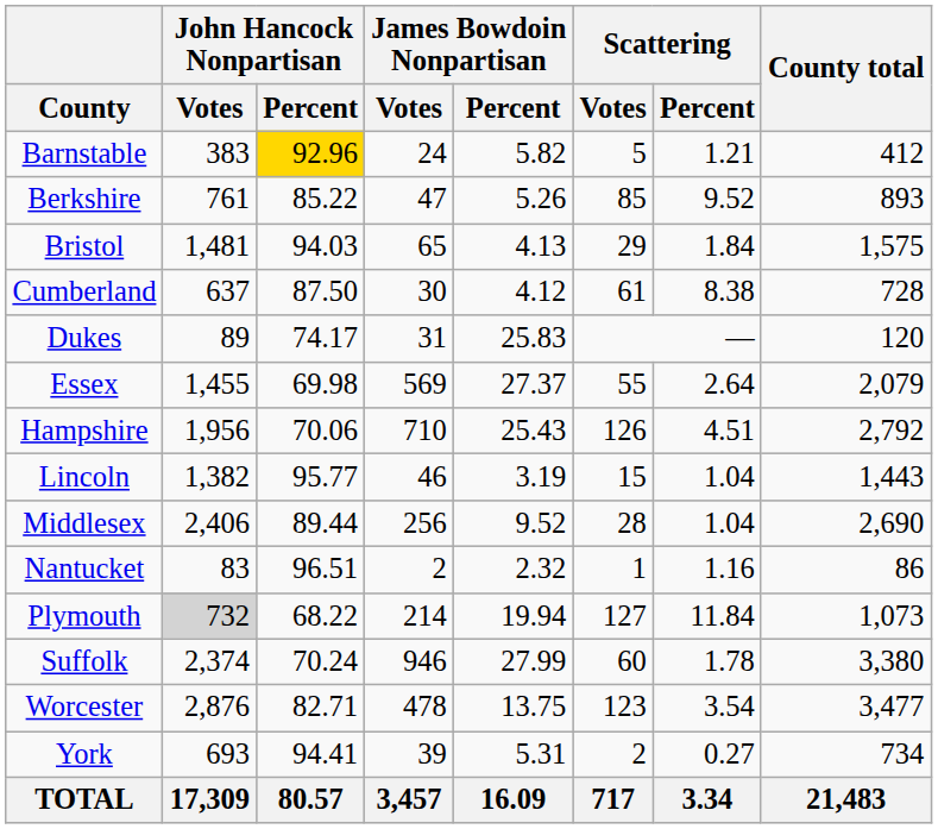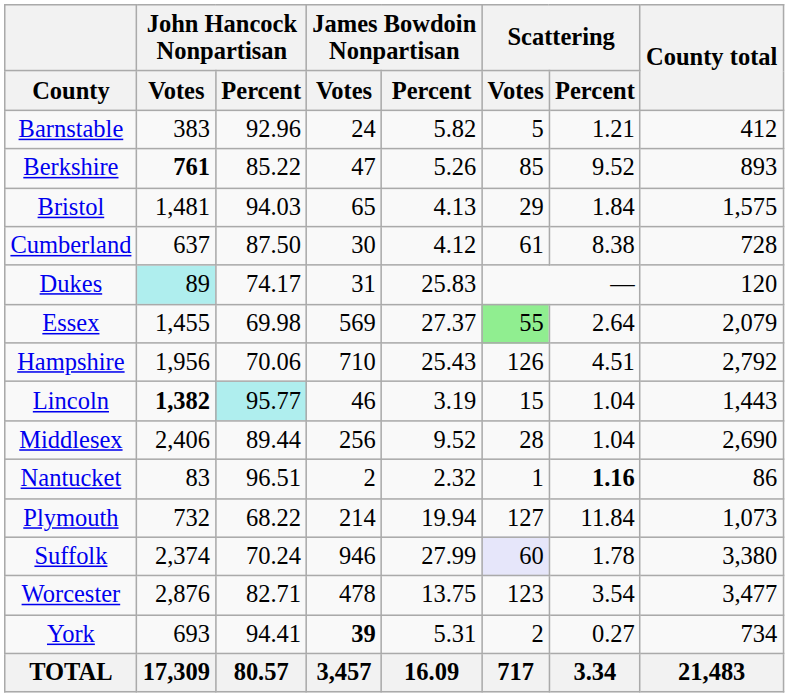 <table class="wikitable sortable" style="text-align:right">
 <tr>
 <th></th>
 <th align=center colspan=2>John Hancock<br>Nonpartisan</th>
 <th align=center colspan=2>James Bowdoin<br>Nonpartisan</th>
 <th align=center colspan=2>Scattering</th>
 <th align=center rowspan=2>County total</th>
 </tr>
 <tr>
 <th align=center>County</th>
 <th align=center>Votes</th>
 <th align=center>Percent</th>
 <th align=center>Votes</th>
 <th align=center>Percent</th>
 <th align=center>Votes</th>
 <th align=center>Percent</th>
 </tr>
 <tr>
 <td align=center><a href='#'>Barnstable</a></td>
 <td align=right>383</td>
-<td align=right style="background: gold;">92.96</td>
+<td align=right>92.96</td>
 <td align=right>24</td>
 <td align=right>5.82</td>
 <td align=right>5</td>
 <td align=right>1.21</td>
 <td align=right>412</td>
 </tr>
 <tr>
 <td align=center><a href='#'>Berkshire</a></td>
-<td align=right>761</td>
+<td align=right><strong>761</strong></td>
 <td align=right>85.22</td>
 <td align=right>47</td>
 <td align=right>5.26</td>
 <td align=right>85</td>
 <td align=right>9.52</td>
 <td align=right>893</td>
 </tr>
 <tr>
 <td align=center><a href='#'>Bristol</a></td>
 <td align=right>1,481</td>
 <td align=right>94.03</td>
 <td align=right>65</td>
 <td align=right>4.13</td>
 <td align=right>29</td>
 <td align=right>1.84</td>
 <td align=right>1,575</td>
 </tr>
 <tr>
 <td align=center><a href='#'>Cumberland</a></td>
 <td align=right>637</td>
 <td align=right>87.50</td>
 <td align=right>30</td>
 <td align=right>4.12</td>
 <td align=right>61</td>
 <td align=right>8.38</td>
 <td align=right>728</td>
 </tr>
 <tr>
 <td align=center><a href='#'>Dukes</a></td>
-<td align=right>89</td>
+<td align=right style="background: paleturquoise;">89</td>
 <td align=right>74.17</td>
 <td align=right>31</td>
 <td align=right>25.83</td>
 <td align=right colspan=2>—</td>
 <td align=right>120</td>
 </tr>
 <tr>
 <td align=center><a href='#'>Essex</a></td>
 <td align=right>1,455</td>
 <td align=right>69.98</td>
 <td align=right>569</td>
 <td align=right>27.37</td>
-<td align=right>55</td>
+<td align=right style="background: lightgreen;">55</td>
 <td align=right>2.64</td>
 <td align=right>2,079</td>
 </tr>
 <tr>
 <td align=center><a href='#'>Hampshire</a></td>
 <td align=right>1,956</td>
 <td align=right>70.06</td>
 <td align=right>710</td>
 <td align=right>25.43</td>
 <td align=right>126</td>
 <td align=right>4.51</td>
 <td align=right>2,792</td>
 </tr>
 <tr>
 <td align=center><a href='#'>Lincoln</a></td>
-<td align=right>1,382</td>
-<td align=right>95.77</td>
+<td align=right><strong>1,382</strong></td>
+<td align=right style="background: paleturquoise;">95.77</td>
 <td align=right>46</td>
 <td align=right>3.19</td>
 <td align=right>15</td>
 <td align=right>1.04</td>
 <td align=right>1,443</td>
 </tr>
 <tr>
 <td align=center><a href='#'>Middlesex</a></td>
 <td align=right>2,406</td>
 <td align=right>89.44</td>
 <td align=right>256</td>
 <td align=right>9.52</td>
 <td align=right>28</td>
 <td align=right>1.04</td>
 <td align=right>2,690</td>
 </tr>
 <tr>
 <td align=center><a href='#'>Nantucket</a></td>
 <td align=right>83</td>
 <td align=right>96.51</td>
 <td align=right>2</td>
 <td align=right>2.32</td>
 <td align=right>1</td>
-<td align=right>1.16</td>
+<td align=right><strong>1.16</strong></td>
 <td align=right>86</td>
 </tr>
 <tr>
 <td align=center><a href='#'>Plymouth</a></td>
-<td align=right style="background: lightgrey;">732</td>
+<td align=right>732</td>
 <td align=right>68.22</td>
 <td align=right>214</td>
 <td align=right>19.94</td>
 <td align=right>127</td>
 <td align=right>11.84</td>
 <td align=right>1,073</td>
 </tr>
 <tr>
 <td align=center><a href='#'>Suffolk</a></td>
 <td align=right>2,374</td>
 <td align=right>70.24</td>
 <td align=right>946</td>
 <td align=right>27.99</td>
-<td align=right>60</td>
+<td align=right style="background: lavender;">60</td>
 <td align=right>1.78</td>
 <td align=right>3,380</td>
 </tr>
 <tr>
 <td align=center><a href='#'>Worcester</a></td>
 <td align=right>2,876</td>
 <td align=right>82.71</td>
 <td align=right>478</td>
 <td align=right>13.75</td>
 <td align=right>123</td>
 <td align=right>3.54</td>
 <td align=right>3,477</td>
 </tr>
 <tr>
 <td align=center><a href='#'>York</a></td>
 <td align=right>693</td>
 <td align=right>94.41</td>
-<td align=right>39</td>
+<td align=right><strong>39</strong></td>
 <td align=right>5.31</td>
 <td align=right>2</td>
 <td align=right>0.27</td>
 <td align=right>734</td>
 </tr>
 <tr>
 <th>TOTAL</th>
 <th>17,309</th>
 <th>80.57</th>
 <th>3,457</th>
 <th>16.09</th>
 <th>717</th>
 <th>3.34</th>
 <th>21,483</th>
 </tr>
 </table>
